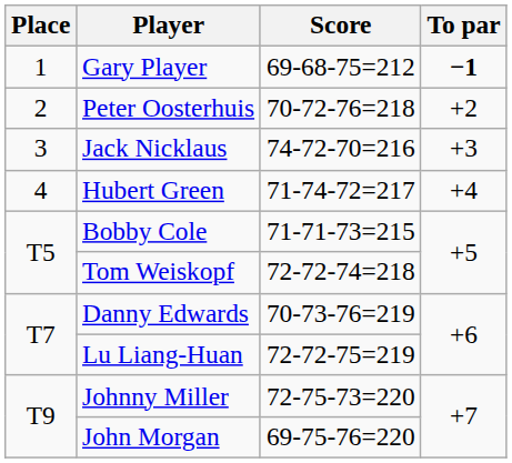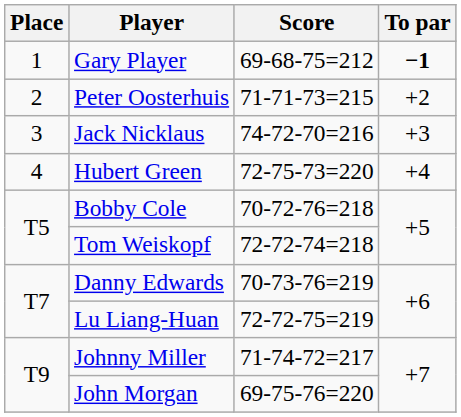 <table class="wikitable">
 <tr>
 <th>Place</th>
 <th>Player</th>
 <th>Score</th>
 <th>To par</th>
 </tr>
 <tr>
 <td align=center>1</td>
 <td> <a href='#'>Gary Player</a></td>
 <td align=center>69-68-75=212</td>
 <td align=center><strong>−1</strong></td>
 </tr>
 <tr>
 <td align=center>2</td>
 <td> <a href='#'>Peter Oosterhuis</a></td>
-<td align=center>70-72-76=218</td>
+<td align=center>71-71-73=215</td>
 <td align=center>+2</td>
 </tr>
 <tr>
 <td align=center>3</td>
 <td> <a href='#'>Jack Nicklaus</a></td>
 <td align=center>74-72-70=216</td>
 <td align=center>+3</td>
 </tr>
 <tr>
 <td align=center>4</td>
 <td> <a href='#'>Hubert Green</a></td>
-<td align=center>71-74-72=217</td>
+<td align=center>72-75-73=220</td>
 <td align=center>+4</td>
 </tr>
 <tr>
 <td rowspan="2" align=center>T5</td>
 <td> <a href='#'>Bobby Cole</a></td>
-<td align=center>71-71-73=215</td>
+<td align=center>70-72-76=218</td>
 <td rowspan="2" align=center>+5</td>
 </tr>
 <tr>
 <td> <a href='#'>Tom Weiskopf</a></td>
 <td align=center>72-72-74=218</td>
 </tr>
 <tr>
 <td rowspan="2" align=center>T7</td>
 <td> <a href='#'>Danny Edwards</a></td>
 <td align=center>70-73-76=219</td>
 <td rowspan="2" align=center>+6</td>
 </tr>
 <tr>
 <td> <a href='#'>Lu Liang-Huan</a></td>
 <td align=center>72-72-75=219</td>
 </tr>
 <tr>
 <td rowspan="2" align=center>T9</td>
 <td> <a href='#'>Johnny Miller</a></td>
-<td align=center>72-75-73=220</td>
+<td align=center>71-74-72=217</td>
 <td rowspan="2" align=center>+7</td>
 </tr>
 <tr>
 <td> <a href='#'>John Morgan</a></td>
 <td align=center>69-75-76=220</td>
 </tr>
 </table>
